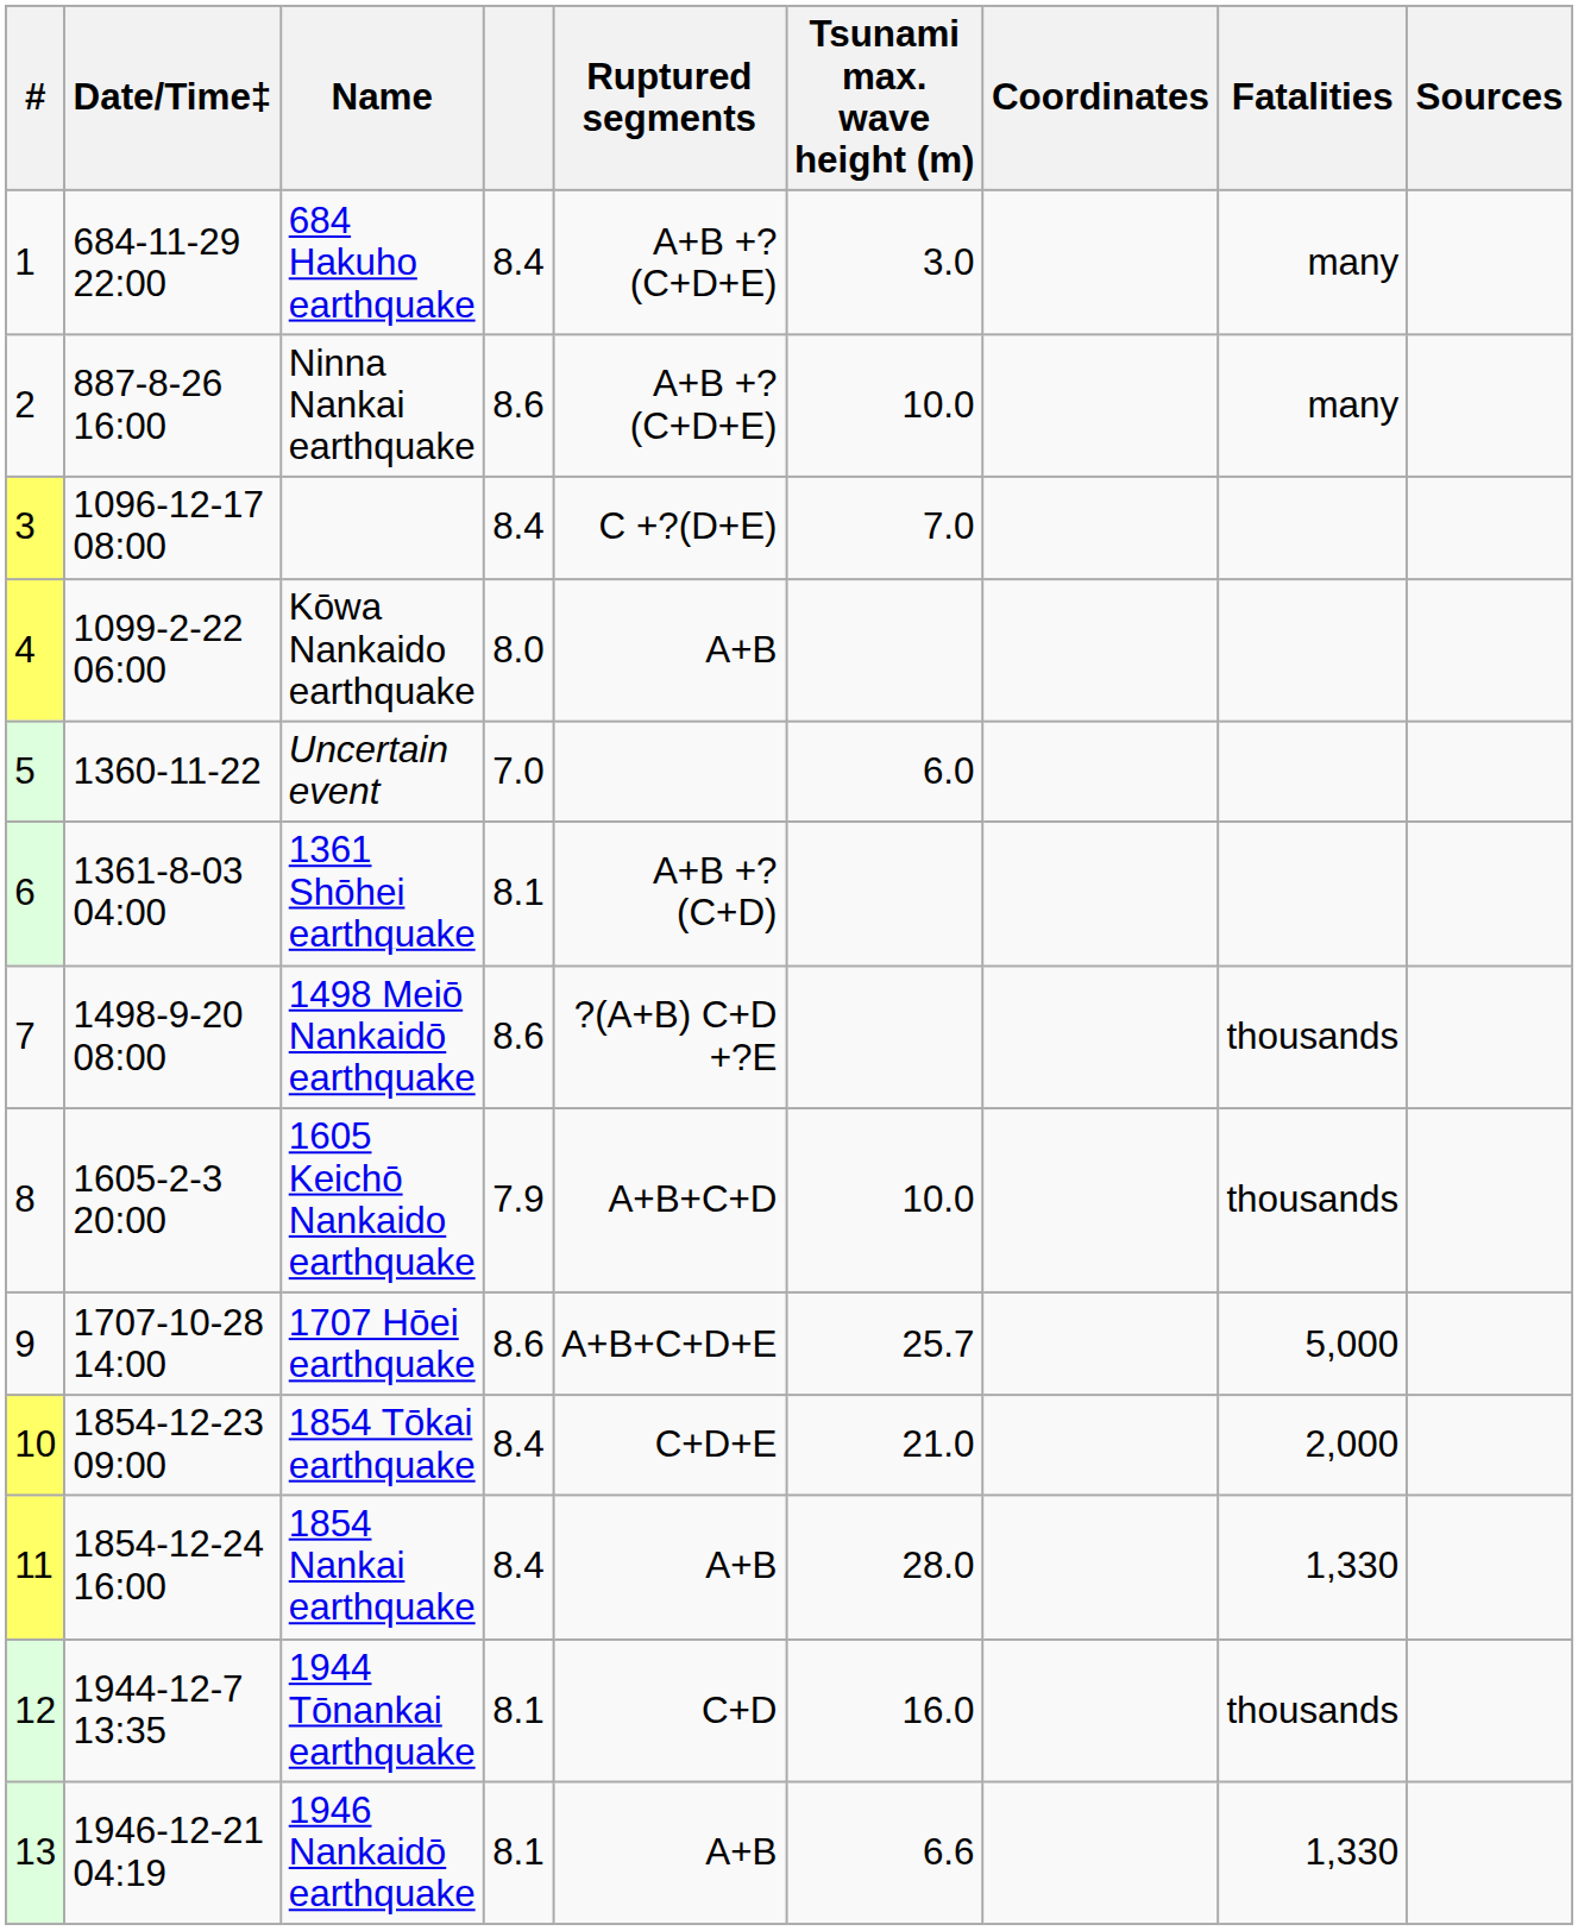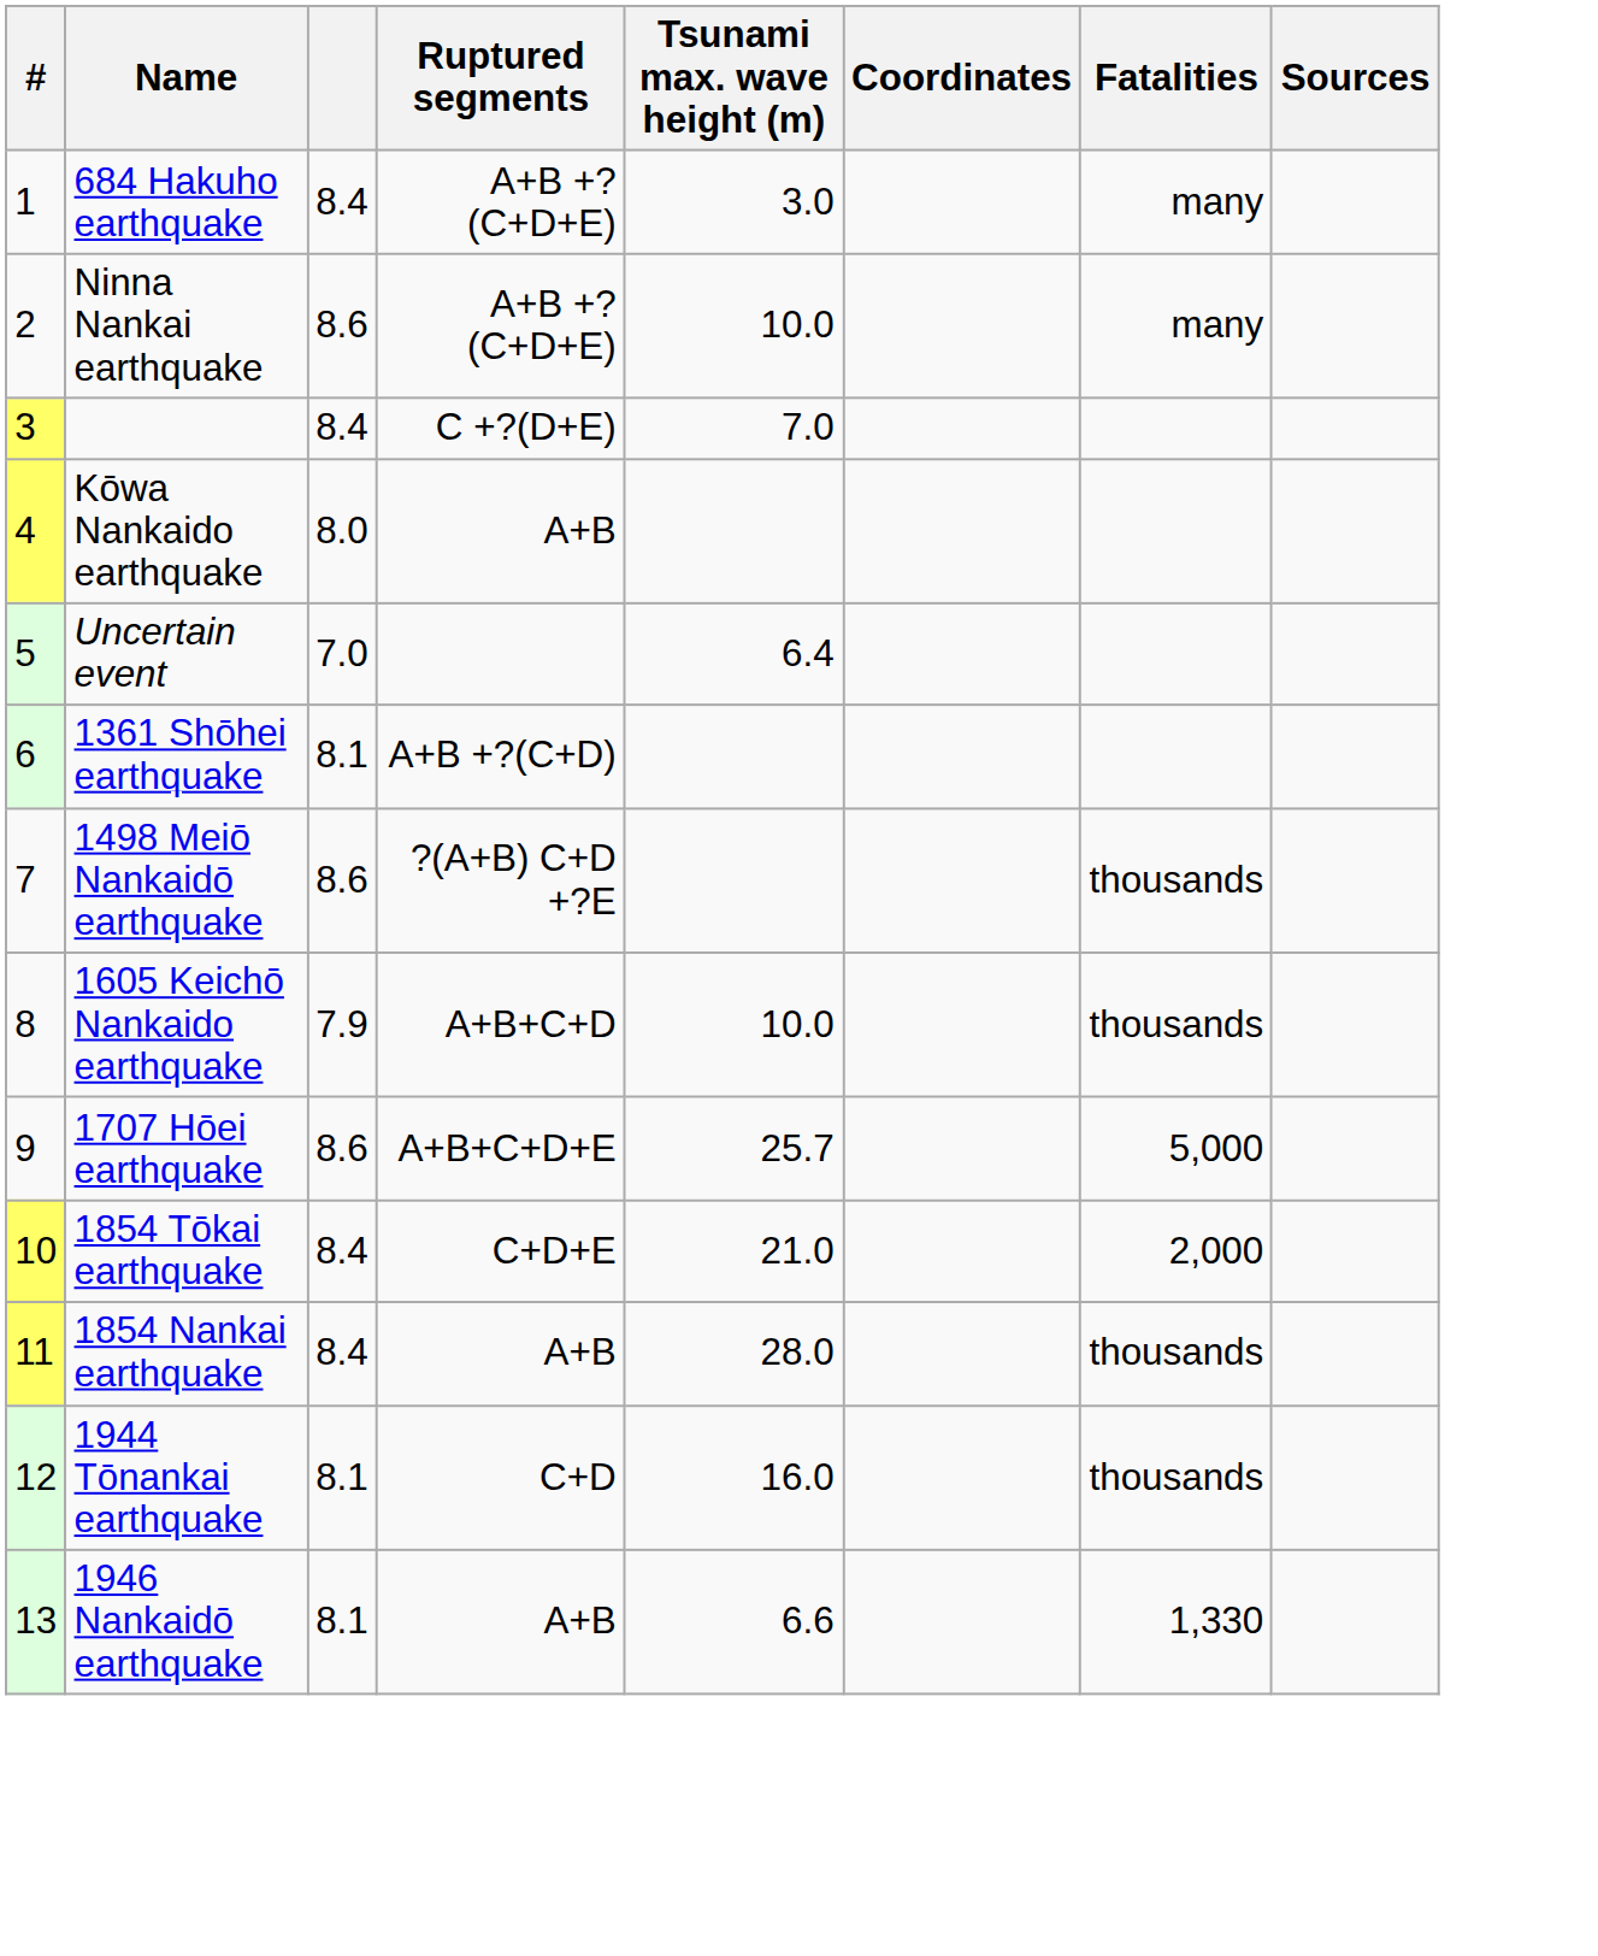 <table class="wikitable sortable">
 <tr>
 <th>#</th>
-<th>Date/Time‡</th>
 <th>Name</th>
 <th></th>
 <th>Ruptured segments</th>
 <th>Tsunami<br>max. wave height (m)</th>
 <th>Coordinates</th>
 <th>Fatalities</th>
 <th>Sources</th>
 </tr>
 <tr>
 <td>1</td>
-<td>684-11-29 22:00</td>
 <td><a href='#'>684 Hakuho earthquake</a></td>
 <td align="right">8.4</td>
 <td align="right">A+B +?(C+D+E)</td>
 <td align="right">3.0</td>
 <td></td>
 <td align="right">many</td>
 <td align="right"></td>
 </tr>
 <tr>
 <td>2</td>
-<td>887-8-26 16:00</td>
 <td>Ninna Nankai earthquake</td>
 <td align="right">8.6</td>
 <td align="right">A+B +?(C+D+E)</td>
 <td align="right">10.0</td>
 <td></td>
 <td align="right">many</td>
 <td align="right"></td>
 </tr>
 <tr>
 <td style = "background:#ff6;">3</td>
-<td>1096-12-17 08:00</td>
 <td></td>
 <td align="right">8.4</td>
 <td align="right">C +?(D+E)</td>
 <td align="right">7.0</td>
 <td></td>
 <td></td>
 <td align="right"></td>
 </tr>
 <tr>
 <td style = "background:#ff6;">4</td>
-<td>1099-2-22 06:00</td>
 <td>Kōwa Nankaido earthquake</td>
 <td align="right">8.0</td>
 <td align="right">A+B</td>
 <td align="right"></td>
 <td></td>
 <td></td>
 <td align="right"></td>
 </tr>
 <tr>
 <td style = "background:#dfd;">5</td>
-<td>1360-11-22</td>
 <td><em>Uncertain event</em></td>
 <td align="right">7.0</td>
 <td></td>
-<td align="right">6.0</td>
+<td align="right">6.4</td>
 <td></td>
 <td></td>
 <td align="right"></td>
 </tr>
 <tr>
 <td style = "background:#dfd;">6</td>
-<td>1361-8-03 04:00</td>
 <td><a href='#'>1361 Shōhei earthquake</a></td>
 <td align="right">8.1</td>
 <td align="right">A+B +?(C+D)</td>
 <td align="right"></td>
 <td></td>
 <td></td>
 <td align="right"></td>
 </tr>
 <tr>
 <td>7</td>
-<td>1498-9-20 08:00</td>
 <td><a href='#'>1498 Meiō Nankaidō earthquake</a></td>
 <td align="right">8.6</td>
 <td align="right">?(A+B) C+D +?E</td>
 <td align="right"></td>
 <td></td>
 <td align="right">thousands</td>
 <td align="right"></td>
 </tr>
 <tr>
 <td>8</td>
-<td>1605-2-3 20:00</td>
 <td><a href='#'>1605 Keichō Nankaido earthquake</a></td>
 <td align="right">7.9</td>
 <td align="right">A+B+C+D</td>
 <td align="right">10.0</td>
 <td></td>
 <td align="right">thousands</td>
 <td align="right"></td>
 </tr>
 <tr>
 <td>9</td>
-<td>1707-10-28 14:00</td>
 <td><a href='#'>1707 Hōei earthquake</a></td>
 <td align="right">8.6</td>
 <td align="right">A+B+C+D+E</td>
 <td align="right">25.7</td>
 <td></td>
 <td align="right">5,000</td>
 <td align="right"></td>
 </tr>
 <tr>
 <td style = "background:#ff6;">10</td>
-<td>1854-12-23 09:00</td>
 <td><a href='#'>1854 Tōkai earthquake</a></td>
 <td align="right">8.4</td>
 <td align="right">C+D+E</td>
 <td align="right">21.0</td>
 <td></td>
 <td align="right">2,000</td>
 <td align="right"></td>
 </tr>
 <tr>
 <td style = "background:#ff6;">11</td>
-<td>1854-12-24 16:00</td>
 <td><a href='#'>1854 Nankai earthquake</a></td>
 <td align="right">8.4</td>
 <td align="right">A+B</td>
 <td align="right">28.0</td>
 <td></td>
-<td align="right">1,330</td>
+<td align="right">thousands</td>
 <td align="right"></td>
 </tr>
 <tr>
 <td style = "background:#dfd;">12</td>
-<td>1944-12-7 13:35</td>
 <td><a href='#'>1944 Tōnankai earthquake</a></td>
 <td align="right">8.1</td>
 <td align="right">C+D</td>
 <td align="right">16.0</td>
 <td></td>
 <td align="right">thousands</td>
 <td align="right"></td>
 </tr>
 <tr>
 <td style = "background:#dfd;">13</td>
-<td>1946-12-21 04:19</td>
 <td><a href='#'>1946 Nankaidō earthquake</a></td>
 <td align="right">8.1</td>
 <td align="right">A+B</td>
 <td align="right">6.6</td>
 <td></td>
 <td align="right">1,330</td>
 <td align="right"></td>
 </tr>
 </table>
